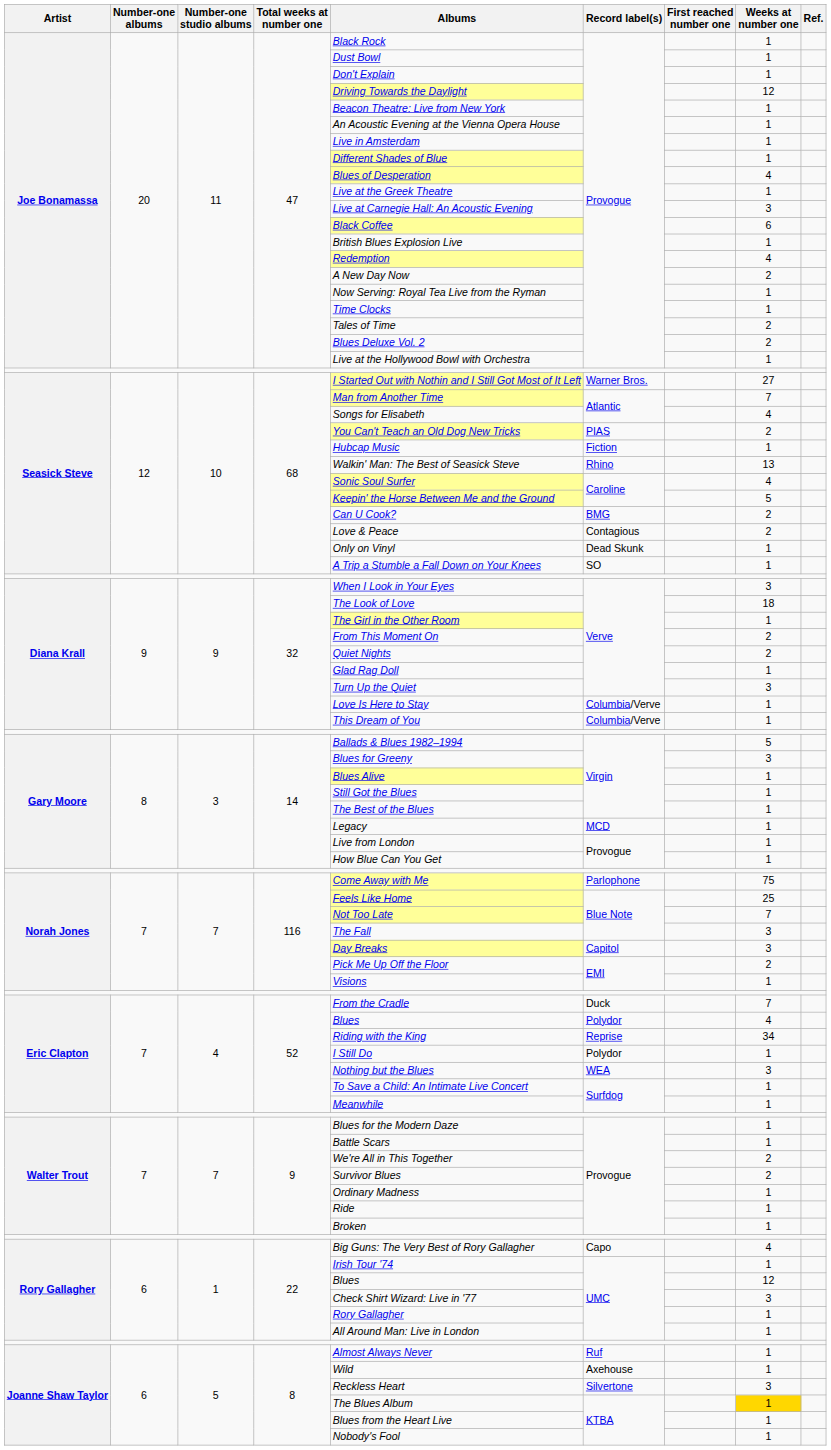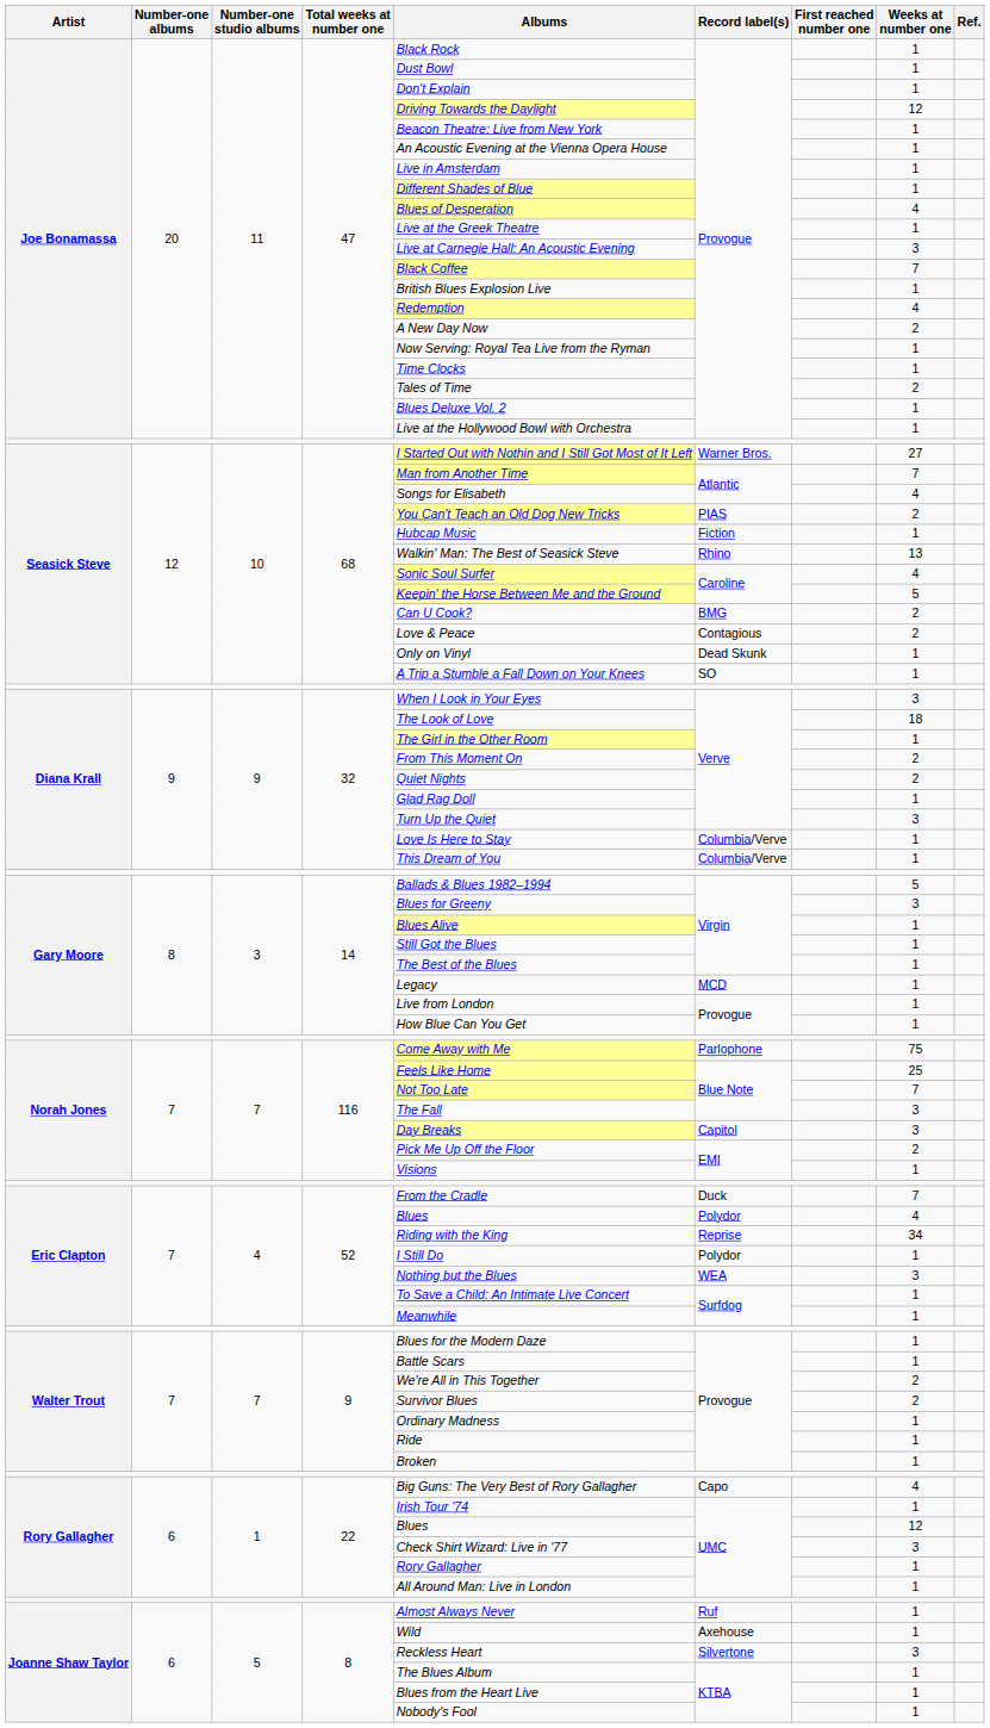 <table class="wikitable plainrowheaders">
 <tr>
 <th scope="col">Artist</th>
 <th scope="col">Number-one<br>albums</th>
 <th scope="col">Number-one<br>studio albums</th>
 <th scope="col">Total weeks at<br>number one</th>
 <th scope="col">Albums</th>
 <th scope="col">Record label(s)</th>
 <th scope="col">First reached<br>number one</th>
 <th scope="col">Weeks at<br>number one</th>
 <th scope="col">Ref.</th>
 </tr>
 <tr>
 <th scope="row" rowspan="20"><a href='#'>Joe Bonamassa</a></th>
 <td rowspan="20" align="center">20</td>
 <td rowspan="20" align="center">11</td>
 <td rowspan="20" align="center">47</td>
 <td><em><a href='#'>Black Rock</a></em></td>
 <td rowspan="20"><a href='#'>Provogue</a></td>
 <td></td>
 <td align="center">1</td>
 <td align="center"></td>
 </tr>
 <tr>
 <td><em><a href='#'>Dust Bowl</a></em></td>
 <td></td>
 <td align="center">1</td>
 <td align="center"></td>
 </tr>
 <tr>
 <td><em><a href='#'>Don't Explain</a></em> </td>
 <td></td>
 <td align="center">1</td>
 <td align="center"></td>
 </tr>
 <tr>
 <td bgcolor="#FFFF99"><em><a href='#'>Driving Towards the Daylight</a></em> </td>
 <td></td>
 <td align="center">12</td>
 <td align="center"></td>
 </tr>
 <tr>
 <td><em><a href='#'>Beacon Theatre: Live from New York</a></em></td>
 <td></td>
 <td align="center">1</td>
 <td align="center"></td>
 </tr>
 <tr>
 <td><em>An Acoustic Evening at the Vienna Opera House</em></td>
 <td></td>
 <td align="center">1</td>
 <td align="center"></td>
 </tr>
 <tr>
 <td><em><a href='#'>Live in Amsterdam</a></em> </td>
 <td></td>
 <td align="center">1</td>
 <td align="center"></td>
 </tr>
 <tr>
 <td bgcolor="#FFFF99"><em><a href='#'>Different Shades of Blue</a></em> </td>
 <td></td>
 <td align="center">1</td>
 <td align="center"></td>
 </tr>
 <tr>
 <td bgcolor="#FFFF99"><em><a href='#'>Blues of Desperation</a></em> </td>
 <td></td>
 <td align="center">4</td>
 <td align="center"></td>
 </tr>
 <tr>
 <td><em><a href='#'>Live at the Greek Theatre</a></em></td>
 <td></td>
 <td align="center">1</td>
 <td align="center"></td>
 </tr>
 <tr>
 <td><em><a href='#'>Live at Carnegie Hall: An Acoustic Evening</a></em></td>
 <td></td>
 <td align="center">3</td>
 <td align="center"></td>
 </tr>
 <tr>
 <td bgcolor="#FFFF99"><em><a href='#'>Black Coffee</a></em>  </td>
 <td></td>
-<td align="center">6</td>
+<td align="center">7</td>
 <td align="center"></td>
 </tr>
 <tr>
 <td><em>British Blues Explosion Live</em></td>
 <td></td>
 <td align="center">1</td>
 <td align="center"></td>
 </tr>
 <tr>
 <td bgcolor="#FFFF99"><em><a href='#'>Redemption</a></em> </td>
 <td></td>
 <td align="center">4</td>
 <td align="center"></td>
 </tr>
 <tr>
 <td><em>A New Day Now</em></td>
 <td></td>
 <td align="center">2</td>
 <td align="center"></td>
 </tr>
 <tr>
 <td><em>Now Serving: Royal Tea Live from the Ryman</em></td>
 <td></td>
 <td align="center">1</td>
 <td align="center"></td>
 </tr>
 <tr>
 <td><em><a href='#'>Time Clocks</a></em></td>
 <td></td>
 <td align="center">1</td>
 <td align="center"></td>
 </tr>
 <tr>
 <td><em>Tales of Time</em></td>
 <td></td>
 <td align="center">2</td>
 <td align="center"></td>
 </tr>
 <tr>
 <td><em><a href='#'>Blues Deluxe Vol. 2</a></em></td>
 <td></td>
-<td align="center">2</td>
+<td align="center">1</td>
 <td align="center"></td>
 </tr>
 <tr>
 <td><em>Live at the Hollywood Bowl with Orchestra</em></td>
 <td></td>
 <td align="center">1</td>
 <td align="center"></td>
 </tr>
 <tr>
 <td colspan="9"></td>
 </tr>
 <tr>
 <th scope="row" rowspan="12"><a href='#'>Seasick Steve</a></th>
 <td rowspan="12" align="center">12</td>
 <td rowspan="12" align="center">10</td>
 <td rowspan="12" align="center">68</td>
 <td bgcolor="#FFFF99"><em><a href='#'>I Started Out with Nothin and I Still Got Most of It Left</a></em> </td>
 <td><a href='#'>Warner Bros.</a></td>
 <td></td>
 <td align="center">27</td>
 <td align="center"></td>
 </tr>
 <tr>
 <td bgcolor="#FFFF99"><em><a href='#'>Man from Another Time</a></em> </td>
 <td rowspan="2"><a href='#'>Atlantic</a></td>
 <td></td>
 <td align="center">7</td>
 <td align="center"></td>
 </tr>
 <tr>
 <td><em>Songs for Elisabeth</em></td>
 <td></td>
 <td align="center">4</td>
 <td align="center"></td>
 </tr>
 <tr>
 <td bgcolor="#FFFF99"><em><a href='#'>You Can't Teach an Old Dog New Tricks</a></em> </td>
 <td><a href='#'>PIAS</a></td>
 <td></td>
 <td align="center">2</td>
 <td align="center"></td>
 </tr>
 <tr>
 <td><em><a href='#'>Hubcap Music</a></em></td>
 <td><a href='#'>Fiction</a></td>
 <td></td>
 <td align="center">1</td>
 <td align="center"></td>
 </tr>
 <tr>
 <td><em>Walkin' Man: The Best of Seasick Steve</em></td>
 <td><a href='#'>Rhino</a></td>
 <td></td>
 <td align="center">13</td>
 <td align="center"></td>
 </tr>
 <tr>
 <td bgcolor="#FFFF99"><em><a href='#'>Sonic Soul Surfer</a></em> </td>
 <td rowspan="2"><a href='#'>Caroline</a></td>
 <td></td>
 <td align="center">4</td>
 <td align="center"></td>
 </tr>
 <tr>
 <td bgcolor="#FFFF99"><em><a href='#'>Keepin' the Horse Between Me and the Ground</a></em> </td>
 <td></td>
 <td align="center">5</td>
 <td align="center"></td>
 </tr>
 <tr>
 <td><em><a href='#'>Can U Cook?</a></em></td>
 <td><a href='#'>BMG</a></td>
 <td></td>
 <td align="center">2</td>
 <td align="center"></td>
 </tr>
 <tr>
 <td><em>Love & Peace</em></td>
 <td>Contagious</td>
 <td></td>
 <td align="center">2</td>
 <td align="center"></td>
 </tr>
 <tr>
 <td><em>Only on Vinyl</em></td>
 <td>Dead Skunk</td>
 <td></td>
 <td align="center">1</td>
 <td align="center"></td>
 </tr>
 <tr>
 <td><em><a href='#'>A Trip a Stumble a Fall Down on Your Knees</a></em></td>
 <td>SO</td>
 <td></td>
 <td align="center">1</td>
 <td align="center"></td>
 </tr>
 <tr>
 <td colspan="9"></td>
 </tr>
 <tr>
 <th scope="row" rowspan="9"><a href='#'>Diana Krall</a></th>
 <td rowspan="9" align="center">9</td>
 <td rowspan="9" align="center">9</td>
 <td rowspan="9" align="center">32</td>
 <td><em><a href='#'>When I Look in Your Eyes</a></em></td>
 <td rowspan="7"><a href='#'>Verve</a></td>
 <td></td>
 <td align="center">3</td>
 <td align="center"></td>
 </tr>
 <tr>
 <td><em><a href='#'>The Look of Love</a></em></td>
 <td></td>
 <td align="center">18</td>
 <td align="center"></td>
 </tr>
 <tr>
 <td bgcolor="#FFFF99"><em><a href='#'>The Girl in the Other Room</a></em> </td>
 <td></td>
 <td align="center">1</td>
 <td align="center"></td>
 </tr>
 <tr>
 <td><em><a href='#'>From This Moment On</a></em></td>
 <td></td>
 <td align="center">2</td>
 <td align="center"></td>
 </tr>
 <tr>
 <td><em><a href='#'>Quiet Nights</a></em></td>
 <td></td>
 <td align="center">2</td>
 <td align="center"></td>
 </tr>
 <tr>
 <td><em><a href='#'>Glad Rag Doll</a></em></td>
 <td></td>
 <td align="center">1</td>
 <td align="center"></td>
 </tr>
 <tr>
 <td><em><a href='#'>Turn Up the Quiet</a></em></td>
 <td></td>
 <td align="center">3</td>
 <td align="center"></td>
 </tr>
 <tr>
 <td><em><a href='#'>Love Is Here to Stay</a></em> </td>
 <td><a href='#'>Columbia</a>/Verve</td>
 <td></td>
 <td align="center">1</td>
 <td align="center"></td>
 </tr>
 <tr>
 <td><em><a href='#'>This Dream of You</a></em></td>
 <td><a href='#'>Columbia</a>/Verve</td>
 <td></td>
 <td align="center">1</td>
 <td align="center"></td>
 </tr>
 <tr>
 <td colspan="9"></td>
 </tr>
 <tr>
 <th scope="row" rowspan="8"><a href='#'>Gary Moore</a></th>
 <td rowspan="8" align="center">8</td>
 <td rowspan="8" align="center">3</td>
 <td rowspan="8" align="center">14</td>
 <td><em><a href='#'>Ballads & Blues 1982–1994</a></em></td>
 <td rowspan="5"><a href='#'>Virgin</a></td>
 <td></td>
 <td align="center">5</td>
 <td align="center"></td>
 </tr>
 <tr>
 <td><em><a href='#'>Blues for Greeny</a></em></td>
 <td></td>
 <td align="center">3</td>
 <td align="center"></td>
 </tr>
 <tr>
 <td bgcolor="#FFFF99"><em><a href='#'>Blues Alive</a></em> </td>
 <td></td>
 <td align="center">1</td>
 <td align="center"></td>
 </tr>
 <tr>
 <td><em><a href='#'>Still Got the Blues</a></em></td>
 <td></td>
 <td align="center">1</td>
 <td align="center"></td>
 </tr>
 <tr>
 <td><em><a href='#'>The Best of the Blues</a></em></td>
 <td></td>
 <td align="center">1</td>
 <td align="center"></td>
 </tr>
 <tr>
 <td><em>Legacy</em></td>
 <td><a href='#'>MCD</a></td>
 <td></td>
 <td align="center">1</td>
 <td align="center"></td>
 </tr>
 <tr>
 <td><em>Live from London</em></td>
 <td rowspan="2">Provogue</td>
 <td></td>
 <td align="center">1</td>
 <td align="center"></td>
 </tr>
 <tr>
 <td><em>How Blue Can You Get</em></td>
 <td></td>
 <td align="center">1</td>
 <td align="center"></td>
 </tr>
 <tr>
 <td colspan="9"></td>
 </tr>
 <tr>
 <th scope="row" rowspan="7"><a href='#'>Norah Jones</a></th>
 <td rowspan="7" align="center">7</td>
 <td rowspan="7" align="center">7</td>
 <td rowspan="7" align="center">116</td>
 <td bgcolor="#FFFF99"><em><a href='#'>Come Away with Me</a></em> </td>
 <td><a href='#'>Parlophone</a></td>
 <td></td>
 <td align="center">75</td>
 <td align="center"></td>
 </tr>
 <tr>
 <td bgcolor="#FFFF99"><em><a href='#'>Feels Like Home</a></em> </td>
 <td rowspan="3"><a href='#'>Blue Note</a></td>
 <td></td>
 <td align="center">25</td>
 <td align="center"></td>
 </tr>
 <tr>
 <td bgcolor="#FFFF99"><em><a href='#'>Not Too Late</a></em> </td>
 <td></td>
 <td align="center">7</td>
 <td align="center"></td>
 </tr>
 <tr>
 <td><em><a href='#'>The Fall</a></em></td>
 <td></td>
 <td align="center">3</td>
 <td align="center"></td>
 </tr>
 <tr>
 <td bgcolor="#FFFF99"><em><a href='#'>Day Breaks</a></em> </td>
 <td><a href='#'>Capitol</a></td>
 <td></td>
 <td align="center">3</td>
 <td align="center"></td>
 </tr>
 <tr>
 <td><em><a href='#'>Pick Me Up Off the Floor</a></em></td>
 <td rowspan="2"><a href='#'>EMI</a></td>
 <td></td>
 <td align="center">2</td>
 <td align="center"></td>
 </tr>
 <tr>
 <td><em><a href='#'>Visions</a></em></td>
 <td></td>
 <td align="center">1</td>
 <td align="center"></td>
 </tr>
 <tr>
 <td colspan="9"></td>
 </tr>
 <tr>
 <th scope="row" rowspan="7"><a href='#'>Eric Clapton</a></th>
 <td rowspan="7" align="center">7</td>
 <td rowspan="7" align="center">4</td>
 <td rowspan="7" align="center">52</td>
 <td><em><a href='#'>From the Cradle</a></em></td>
 <td>Duck</td>
 <td></td>
 <td align="center">7</td>
 <td align="center"></td>
 </tr>
 <tr>
 <td><em><a href='#'>Blues</a></em></td>
 <td><a href='#'>Polydor</a></td>
 <td></td>
 <td align="center">4</td>
 <td align="center"></td>
 </tr>
 <tr>
 <td><em><a href='#'>Riding with the King</a></em></td>
 <td><a href='#'>Reprise</a></td>
 <td></td>
 <td align="center">34</td>
 <td align="center"></td>
 </tr>
 <tr>
 <td><em><a href='#'>I Still Do</a></em></td>
 <td>Polydor</td>
 <td></td>
 <td align="center">1</td>
 <td align="center"></td>
 </tr>
 <tr>
 <td><em><a href='#'>Nothing but the Blues</a></em></td>
 <td><a href='#'>WEA</a></td>
 <td></td>
 <td align="center">3</td>
 <td align="center"></td>
 </tr>
 <tr>
 <td><em><a href='#'>To Save a Child: An Intimate Live Concert</a></em></td>
 <td rowspan="2"><a href='#'>Surfdog</a></td>
 <td></td>
 <td align="center">1</td>
 <td align="center"></td>
 </tr>
 <tr>
 <td><em><a href='#'>Meanwhile</a></em></td>
 <td></td>
 <td align="center">1</td>
 <td align="center"></td>
 </tr>
 <tr>
 <td colspan="9"></td>
 </tr>
 <tr>
 <th scope="row" rowspan="7"><a href='#'>Walter Trout</a></th>
 <td rowspan="7" align="center">7</td>
 <td rowspan="7" align="center">7</td>
 <td rowspan="7" align="center">9</td>
 <td><em>Blues for the Modern Daze</em></td>
 <td rowspan="7">Provogue</td>
 <td></td>
 <td align="center">1</td>
 <td align="center"></td>
 </tr>
 <tr>
 <td><em>Battle Scars</em></td>
 <td></td>
 <td align="center">1</td>
 <td align="center"></td>
 </tr>
 <tr>
 <td><em>We're All in This Together</em></td>
 <td></td>
 <td align="center">2</td>
 <td align="center"></td>
 </tr>
 <tr>
 <td><em>Survivor Blues</em></td>
 <td></td>
 <td align="center">2</td>
 <td align="center"></td>
 </tr>
 <tr>
 <td><em>Ordinary Madness</em></td>
 <td></td>
 <td align="center">1</td>
 <td align="center"></td>
 </tr>
 <tr>
 <td><em>Ride</em></td>
 <td></td>
 <td align="center">1</td>
 <td align="center"></td>
 </tr>
 <tr>
 <td><em>Broken</em></td>
 <td></td>
 <td align="center">1</td>
 <td align="center"></td>
 </tr>
 <tr>
 <td colspan="9"></td>
 </tr>
 <tr>
 <th scope="row" rowspan="6"><a href='#'>Rory Gallagher</a></th>
 <td rowspan="6" align="center">6</td>
 <td rowspan="6" align="center">1</td>
 <td rowspan="6" align="center">22</td>
 <td><em>Big Guns: The Very Best of Rory Gallagher</em></td>
 <td>Capo</td>
 <td></td>
 <td align="center">4</td>
 <td align="center"></td>
 </tr>
 <tr>
 <td><em><a href='#'>Irish Tour '74</a></em></td>
 <td rowspan="5"><a href='#'>UMC</a></td>
 <td></td>
 <td align="center">1</td>
 <td align="center"></td>
 </tr>
 <tr>
 <td><em>Blues</em></td>
 <td></td>
 <td align="center">12</td>
 <td align="center"></td>
 </tr>
 <tr>
 <td><em>Check Shirt Wizard: Live in '77</em></td>
 <td></td>
 <td align="center">3</td>
 <td align="center"></td>
 </tr>
 <tr>
 <td><em><a href='#'>Rory Gallagher</a></em></td>
 <td></td>
 <td align="center">1</td>
 <td align="center"></td>
 </tr>
 <tr>
 <td><em>All Around Man: Live in London</em></td>
 <td></td>
 <td align="center">1</td>
 <td align="center"></td>
 </tr>
 <tr>
 <td colspan="9"></td>
 </tr>
 <tr>
 <th scope="row" rowspan="6"><a href='#'>Joanne Shaw Taylor</a></th>
 <td rowspan="6" align="center">6</td>
 <td rowspan="6" align="center">5</td>
 <td rowspan="6" align="center">8</td>
 <td><em><a href='#'>Almost Always Never</a></em></td>
 <td><a href='#'>Ruf</a></td>
 <td></td>
 <td align="center">1</td>
 <td align="center"></td>
 </tr>
 <tr>
 <td><em>Wild</em></td>
 <td>Axehouse</td>
 <td></td>
 <td align="center">1</td>
 <td align="center"></td>
 </tr>
 <tr>
 <td><em>Reckless Heart</em></td>
 <td><a href='#'>Silvertone</a></td>
 <td></td>
 <td align="center">3</td>
 <td align="center"></td>
 </tr>
 <tr>
 <td><em>The Blues Album</em></td>
 <td rowspan="3"><a href='#'>KTBA</a></td>
 <td></td>
-<td align="center" style="background: gold;">1</td>
+<td align="center">1</td>
 <td align="center"></td>
 </tr>
 <tr>
 <td><em>Blues from the Heart Live</em></td>
 <td></td>
 <td align="center">1</td>
 <td align="center"></td>
 </tr>
 <tr>
 <td><em>Nobody's Fool</em></td>
 <td></td>
 <td align="center">1</td>
 <td align="center"></td>
 </tr>
 </table>
